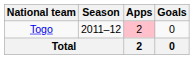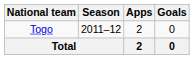 <table class="wikitable" style="text-align:center">
 <tr>
 <th>National team</th>
 <th>Season</th>
 <th>Apps</th>
 <th>Goals</th>
 </tr>
 <tr>
 <td rowspan="1"><a href='#'>Togo</a></td>
 <td>2011–12</td>
-<td style="background: pink;">2</td>
+<td>2</td>
 <td>0</td>
 </tr>
 <tr>
 <th colspan="2">Total</th>
 <th>2</th>
 <th>0</th>
 </tr>
 </table>
